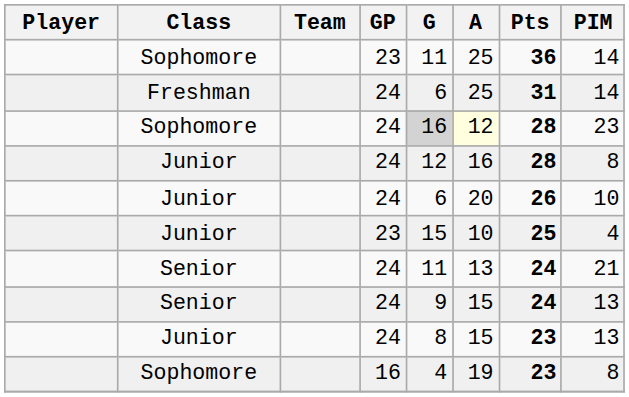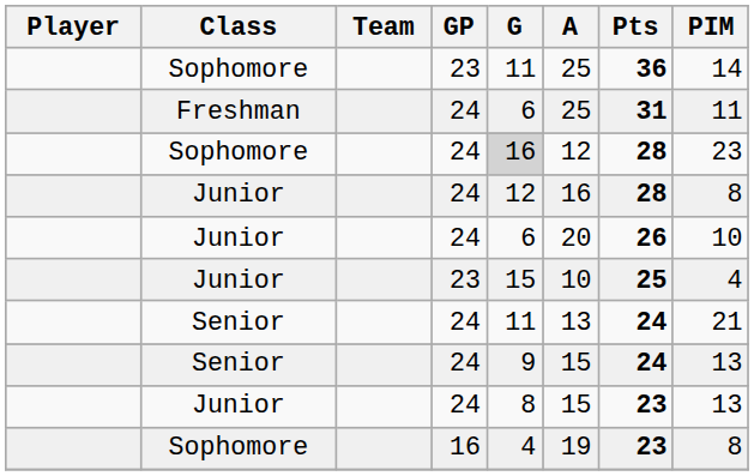 <table class="wikitable sortable" style="text-align: center; "width=60%">
 <tr>
 <th>Player</th>
 <th>Class</th>
 <th>Team</th>
 <th>GP</th>
 <th>G</th>
 <th>A</th>
 <th>Pts</th>
 <th>PIM</th>
 </tr>
 <tr>
 <td style="text-align: left"></td>
 <td>Sophomore</td>
 <td><strong><a href='#'></a></strong></td>
 <td style="text-align: right">23</td>
 <td style="text-align: right">11</td>
 <td style="text-align: right">25</td>
 <td style="text-align: right"><strong>36</strong></td>
 <td style="text-align: right">14</td>
 </tr>
 <tr bgcolor=f0f0f0>
 <td style="text-align: left"></td>
 <td>Freshman</td>
 <td><strong><a href='#'></a></strong></td>
 <td style="text-align: right">24</td>
 <td style="text-align: right">6</td>
 <td style="text-align: right">25</td>
 <td style="text-align: right"><strong>31</strong></td>
-<td style="text-align: right">14</td>
+<td style="text-align: right">11</td>
 </tr>
 <tr>
 <td style="text-align: left"></td>
 <td>Sophomore</td>
 <td><strong><a href='#'></a></strong></td>
 <td style="text-align: right">24</td>
 <td style="background: lightgrey; text-align: right">16</td>
-<td style="background: lightyellow; text-align: right">12</td>
+<td style="text-align: right">12</td>
 <td style="text-align: right"><strong>28</strong></td>
 <td style="text-align: right">23</td>
 </tr>
 <tr bgcolor=f0f0f0>
 <td style="text-align: left"></td>
 <td>Junior</td>
 <td><strong><a href='#'></a></strong></td>
 <td style="text-align: right">24</td>
 <td style="text-align: right">12</td>
 <td style="text-align: right">16</td>
 <td style="text-align: right"><strong>28</strong></td>
 <td style="text-align: right">8</td>
 </tr>
 <tr>
 <td style="text-align: left"></td>
 <td>Junior</td>
 <td><strong><a href='#'></a></strong></td>
 <td style="text-align: right">24</td>
 <td style="text-align: right">6</td>
 <td style="text-align: right">20</td>
 <td style="text-align: right"><strong>26</strong></td>
 <td style="text-align: right">10</td>
 </tr>
 <tr bgcolor=f0f0f0>
 <td style="text-align: left"></td>
 <td>Junior</td>
 <td><strong><a href='#'></a></strong></td>
 <td style="text-align: right">23</td>
 <td style="text-align: right">15</td>
 <td style="text-align: right">10</td>
 <td style="text-align: right"><strong>25</strong></td>
 <td style="text-align: right">4</td>
 </tr>
 <tr>
 <td style="text-align: left"></td>
 <td>Senior</td>
 <td><strong><a href='#'></a></strong></td>
 <td style="text-align: right">24</td>
 <td style="text-align: right">11</td>
 <td style="text-align: right">13</td>
 <td style="text-align: right"><strong>24</strong></td>
 <td style="text-align: right">21</td>
 </tr>
 <tr bgcolor=f0f0f0>
 <td style="text-align: left"></td>
 <td>Senior</td>
 <td><strong><a href='#'></a></strong></td>
 <td style="text-align: right">24</td>
 <td style="text-align: right">9</td>
 <td style="text-align: right">15</td>
 <td style="text-align: right"><strong>24</strong></td>
 <td style="text-align: right">13</td>
 </tr>
 <tr>
 <td style="text-align: left"></td>
 <td>Junior</td>
 <td><strong><a href='#'></a></strong></td>
 <td style="text-align: right">24</td>
 <td style="text-align: right">8</td>
 <td style="text-align: right">15</td>
 <td style="text-align: right"><strong>23</strong></td>
 <td style="text-align: right">13</td>
 </tr>
 <tr bgcolor=f0f0f0>
 <td style="text-align: left"></td>
 <td>Sophomore</td>
 <td><strong><a href='#'></a></strong></td>
 <td style="text-align: right">16</td>
 <td style="text-align: right">4</td>
 <td style="text-align: right">19</td>
 <td style="text-align: right"><strong>23</strong></td>
 <td style="text-align: right">8</td>
 </tr>
 <tr>
 </tr>
 </table>
